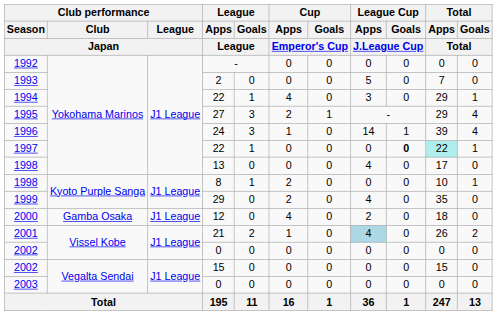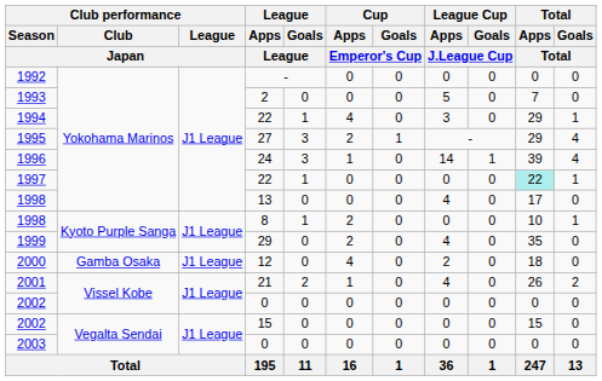 <table class="wikitable" style="text-align:center;">
 <tr>
 <th colspan=3>Club performance</th>
 <th colspan=2>League</th>
 <th colspan=2>Cup</th>
 <th colspan=2>League Cup</th>
 <th colspan=2>Total</th>
 </tr>
 <tr>
 <th>Season</th>
 <th>Club</th>
 <th>League</th>
 <th>Apps</th>
 <th>Goals</th>
 <th>Apps</th>
 <th>Goals</th>
 <th>Apps</th>
 <th>Goals</th>
 <th>Apps</th>
 <th>Goals</th>
 </tr>
 <tr>
 <th colspan=3>Japan</th>
 <th colspan=2>League</th>
 <th colspan=2><a href='#'>Emperor's Cup</a></th>
 <th colspan=2><a href='#'>J.League Cup</a></th>
 <th colspan=2>Total</th>
 </tr>
 <tr>
 <td><a href='#'>1992</a></td>
 <td rowspan="7"><a href='#'>Yokohama Marinos</a></td>
 <td rowspan="7"><a href='#'>J1 League</a></td>
 <td colspan="2">-</td>
 <td>0</td>
 <td>0</td>
 <td>0</td>
 <td>0</td>
 <td>0</td>
 <td>0</td>
 </tr>
 <tr>
 <td><a href='#'>1993</a></td>
 <td>2</td>
 <td>0</td>
 <td>0</td>
 <td>0</td>
 <td>5</td>
 <td>0</td>
 <td>7</td>
 <td>0</td>
 </tr>
 <tr>
 <td><a href='#'>1994</a></td>
 <td>22</td>
 <td>1</td>
 <td>4</td>
 <td>0</td>
 <td>3</td>
 <td>0</td>
 <td>29</td>
 <td>1</td>
 </tr>
 <tr>
 <td><a href='#'>1995</a></td>
 <td>27</td>
 <td>3</td>
 <td>2</td>
 <td>1</td>
 <td colspan="2">-</td>
 <td>29</td>
 <td>4</td>
 </tr>
 <tr>
 <td><a href='#'>1996</a></td>
 <td>24</td>
 <td>3</td>
 <td>1</td>
 <td>0</td>
 <td>14</td>
 <td>1</td>
 <td>39</td>
 <td>4</td>
 </tr>
 <tr>
 <td><a href='#'>1997</a></td>
 <td>22</td>
 <td>1</td>
 <td>0</td>
 <td>0</td>
 <td>0</td>
-<td><strong>0</strong></td>
+<td>0</td>
 <td style="background: paleturquoise;">22</td>
 <td>1</td>
 </tr>
 <tr>
 <td><a href='#'>1998</a></td>
 <td>13</td>
 <td>0</td>
 <td>0</td>
 <td>0</td>
 <td>4</td>
 <td>0</td>
 <td>17</td>
 <td>0</td>
 </tr>
 <tr>
 <td><a href='#'>1998</a></td>
 <td rowspan="2"><a href='#'>Kyoto Purple Sanga</a></td>
 <td rowspan="2"><a href='#'>J1 League</a></td>
 <td>8</td>
 <td>1</td>
 <td>2</td>
 <td>0</td>
 <td>0</td>
 <td>0</td>
 <td>10</td>
 <td>1</td>
 </tr>
 <tr>
 <td><a href='#'>1999</a></td>
 <td>29</td>
 <td>0</td>
 <td>2</td>
 <td>0</td>
 <td>4</td>
 <td>0</td>
 <td>35</td>
 <td>0</td>
 </tr>
 <tr>
 <td><a href='#'>2000</a></td>
 <td><a href='#'>Gamba Osaka</a></td>
 <td><a href='#'>J1 League</a></td>
 <td>12</td>
 <td>0</td>
 <td>4</td>
 <td>0</td>
 <td>2</td>
 <td>0</td>
 <td>18</td>
 <td>0</td>
 </tr>
 <tr>
 <td><a href='#'>2001</a></td>
 <td rowspan="2"><a href='#'>Vissel Kobe</a></td>
 <td rowspan="2"><a href='#'>J1 League</a></td>
 <td>21</td>
 <td>2</td>
 <td>1</td>
 <td>0</td>
-<td style="background: lightblue;">4</td>
+<td>4</td>
 <td>0</td>
 <td>26</td>
 <td>2</td>
 </tr>
 <tr>
 <td><a href='#'>2002</a></td>
 <td>0</td>
 <td>0</td>
 <td>0</td>
 <td>0</td>
 <td>0</td>
 <td>0</td>
 <td>0</td>
 <td>0</td>
 </tr>
 <tr>
 <td><a href='#'>2002</a></td>
 <td rowspan="2"><a href='#'>Vegalta Sendai</a></td>
 <td rowspan="2"><a href='#'>J1 League</a></td>
 <td>15</td>
 <td>0</td>
 <td>0</td>
 <td>0</td>
 <td>0</td>
 <td>0</td>
 <td>15</td>
 <td>0</td>
 </tr>
 <tr>
 <td><a href='#'>2003</a></td>
 <td>0</td>
 <td>0</td>
 <td>0</td>
 <td>0</td>
 <td>0</td>
 <td>0</td>
 <td>0</td>
 <td>0</td>
 </tr>
 <tr>
 <th colspan=3>Total</th>
 <th>195</th>
 <th>11</th>
 <th>16</th>
 <th>1</th>
 <th>36</th>
 <th>1</th>
 <th>247</th>
 <th>13</th>
 </tr>
 </table>
